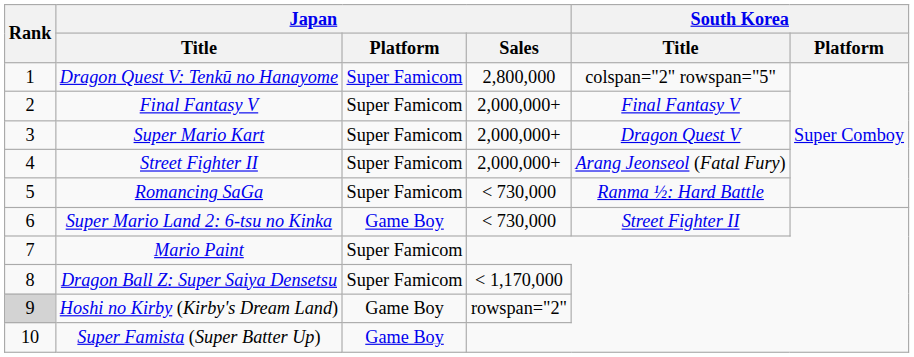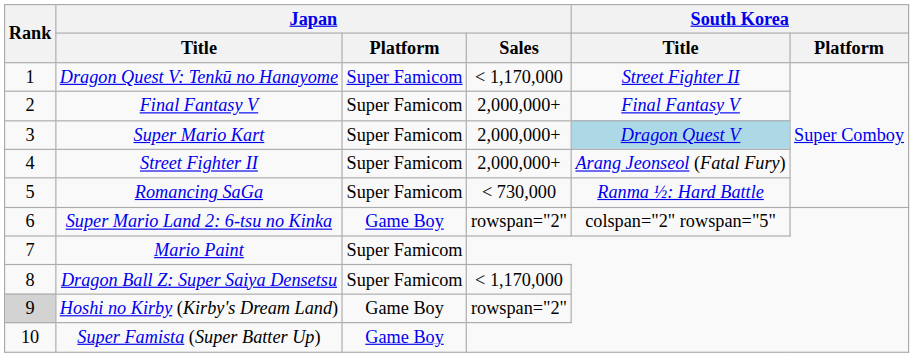 <table class="wikitable sortable" style="text-align:center">
 <tr>
 <th rowspan="2">Rank</th>
 <th colspan="3"><a href='#'>Japan</a></th>
 <th colspan="2"><a href='#'>South Korea</a></th>
 </tr>
 <tr>
 <th>Title</th>
 <th>Platform</th>
 <th>Sales</th>
 <th>Title</th>
 <th>Platform</th>
 </tr>
 <tr>
 <td>1</td>
 <td><em><a href='#'>Dragon Quest V: Tenkū no Hanayome</a></em></td>
 <td><a href='#'>Super Famicom</a></td>
-<td>2,800,000</td>
-<td>colspan="2" rowspan="5" </td>
+<td>< 1,170,000</td>
+<td><em><a href='#'>Street Fighter II</a></em></td>
 <td rowspan="5"><a href='#'>Super Comboy</a></td>
 </tr>
 <tr>
 <td>2</td>
 <td><em><a href='#'>Final Fantasy V</a></em></td>
 <td>Super Famicom</td>
 <td>2,000,000+</td>
 <td><em><a href='#'>Final Fantasy V</a></em></td>
 </tr>
 <tr>
 <td>3</td>
 <td><em><a href='#'>Super Mario Kart</a></em></td>
 <td>Super Famicom</td>
 <td>2,000,000+</td>
-<td><em><a href='#'>Dragon Quest V</a></em></td>
+<td style="background: lightblue;"><em><a href='#'>Dragon Quest V</a></em></td>
 </tr>
 <tr>
 <td>4</td>
 <td><em><a href='#'>Street Fighter II</a></em></td>
 <td>Super Famicom</td>
 <td>2,000,000+</td>
 <td><em><a href='#'>Arang Jeonseol</a></em> (<em>Fatal Fury</em>)</td>
 </tr>
 <tr>
 <td>5</td>
 <td><em><a href='#'>Romancing SaGa</a></em></td>
 <td>Super Famicom</td>
 <td>< 730,000</td>
 <td><em><a href='#'>Ranma ½: Hard Battle</a></em></td>
 </tr>
 <tr>
 <td>6</td>
 <td><em><a href='#'>Super Mario Land 2: 6-tsu no Kinka</a></em></td>
 <td><a href='#'>Game Boy</a></td>
-<td>< 730,000</td>
-<td><em><a href='#'>Street Fighter II</a></em></td>
+<td>rowspan="2" </td>
+<td>colspan="2" rowspan="5" </td>
 </tr>
 <tr>
 <td>7</td>
 <td><em><a href='#'>Mario Paint</a></em></td>
 <td>Super Famicom</td>
 </tr>
 <tr>
 <td>8</td>
 <td><em><a href='#'>Dragon Ball Z: Super Saiya Densetsu</a></em></td>
 <td>Super Famicom</td>
 <td>< 1,170,000</td>
 </tr>
 <tr>
 <td style="background: lightgrey;">9</td>
 <td><em><a href='#'>Hoshi no Kirby</a></em> (<em>Kirby's Dream Land</em>)</td>
 <td>Game Boy</td>
 <td>rowspan="2" </td>
 </tr>
 <tr>
 <td>10</td>
 <td><em><a href='#'>Super Famista</a></em> (<em>Super Batter Up</em>)</td>
 <td><a href='#'>Game Boy</a></td>
 </tr>
 </table>
